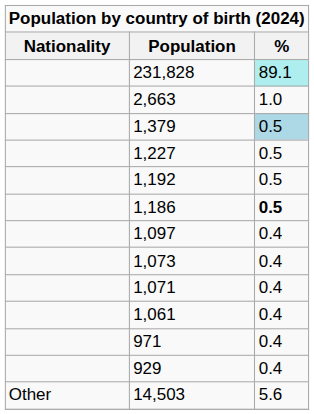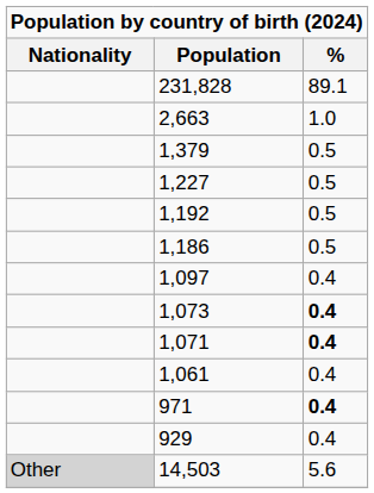 <table class="wikitable" style="float:right;">
 <tr>
 <td colspan="3"><strong>Population by country of birth (2024)</strong></td>
 </tr>
 <tr \>
 <th>Nationality</th>
 <th>Population</th>
 <th>%</th>
 </tr>
 <tr>
 <td></td>
 <td>231,828</td>
-<td style="background: paleturquoise;">89.1</td>
+<td>89.1</td>
 </tr>
 <tr>
 <td></td>
 <td>2,663</td>
 <td>1.0</td>
 </tr>
 <tr>
 <td></td>
 <td>1,379</td>
-<td style="background: lightblue;">0.5</td>
+<td>0.5</td>
 </tr>
 <tr>
 <td></td>
 <td>1,227</td>
 <td>0.5</td>
 </tr>
 <tr>
 <td></td>
 <td>1,192</td>
 <td>0.5</td>
 </tr>
 <tr>
 <td></td>
 <td>1,186</td>
-<td><strong>0.5</strong></td>
+<td>0.5</td>
 </tr>
 <tr>
 <td></td>
 <td>1,097</td>
 <td>0.4</td>
 </tr>
 <tr>
 <td></td>
 <td>1,073</td>
-<td>0.4</td>
+<td><strong>0.4</strong></td>
 </tr>
 <tr>
 <td></td>
 <td>1,071</td>
-<td>0.4</td>
+<td><strong>0.4</strong></td>
 </tr>
 <tr>
 <td></td>
 <td>1,061</td>
 <td>0.4</td>
 </tr>
 <tr>
 <td></td>
 <td>971</td>
-<td>0.4</td>
+<td><strong>0.4</strong></td>
 </tr>
 <tr>
 <td></td>
 <td>929</td>
 <td>0.4</td>
 </tr>
 <tr>
-<td>Other</td>
+<td style="background: lightgrey;">Other</td>
 <td>14,503</td>
 <td>5.6</td>
 </tr>
 <tr>
 </tr>
 </table>
